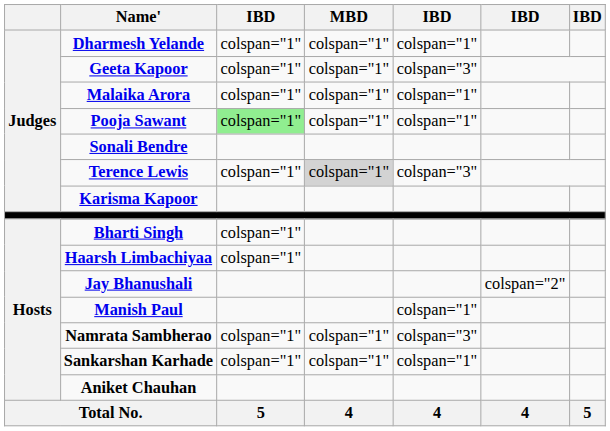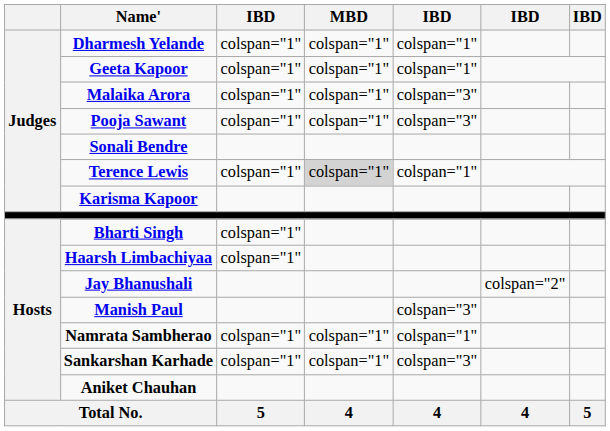 <table class="wikitable plainrowheaders" style="text-align:center">
 <tr>
 <th></th>
 <th>Name'</th>
 <th [[India's Best Dancer (Hindi season 1)><strong>IBD</strong> </th>
 <th [[Maharashtra's Best Dancer><strong>MBD </strong></th>
 <th [[India's Best Dancer (Hindi season 2)><strong>IBD</strong> </th>
 <th [[India's Best Dancer (Hindi season 3)><strong>IBD</strong> </th>
 <th [[India's Best Dancer (Hindi season 4)><strong>IBD</strong> </th>
 </tr>
 <tr>
 <th rowspan="7">Judges</th>
 <td><strong><a href='#'>Dharmesh Yelande</a></strong></td>
 <td>colspan="1" </td>
 <td>colspan="1" </td>
 <td>colspan="1" </td>
 <td></td>
 <td></td>
 </tr>
 <tr>
 <td><strong><a href='#'>Geeta Kapoor</a></strong></td>
 <td>colspan="1" </td>
 <td>colspan="1" </td>
-<td>colspan="3" </td>
+<td>colspan="1" </td>
 </tr>
 <tr>
 <td><strong><a href='#'>Malaika Arora</a></strong></td>
 <td>colspan="1" </td>
 <td>colspan="1" </td>
-<td>colspan="1" </td>
+<td>colspan="3" </td>
 <td></td>
 <td></td>
 </tr>
 <tr>
 <td><strong><a href='#'>Pooja Sawant</a></strong></td>
-<td style="background: lightgreen;">colspan="1" </td>
 <td>colspan="1" </td>
 <td>colspan="1" </td>
+<td>colspan="3" </td>
 <td></td>
 <td></td>
 </tr>
 <tr>
 <td><strong><a href='#'>Sonali Bendre</a></strong></td>
 <td></td>
 <td></td>
 <td></td>
 <td></td>
 <td></td>
 </tr>
 <tr>
 <td><strong><a href='#'>Terence Lewis</a></strong></td>
 <td>colspan="1" </td>
 <td style="background: lightgrey;">colspan="1" </td>
-<td>colspan="3" </td>
+<td>colspan="1" </td>
 </tr>
 <tr>
 <td><strong><a href='#'>Karisma Kapoor</a></strong></td>
 <td></td>
 <td></td>
 <td></td>
 <td></td>
 <td></td>
 </tr>
 <tr>
 <th colspan="7" style="background:#000;"></th>
 </tr>
 <tr>
 <th rowspan="7">Hosts</th>
 <td><strong><a href='#'>Bharti Singh</a></strong></td>
 <td>colspan="1" </td>
 <td></td>
 <td></td>
 <td></td>
 <td></td>
 </tr>
 <tr>
 <td><strong><a href='#'>Haarsh Limbachiyaa</a></strong></td>
 <td>colspan="1" </td>
 <td></td>
 <td></td>
 <td></td>
 <td></td>
 </tr>
 <tr>
 <td><strong><a href='#'>Jay Bhanushali</a></strong></td>
 <td></td>
 <td></td>
 <td></td>
 <td>colspan="2" </td>
 </tr>
 <tr>
 <td><strong><a href='#'>Manish Paul</a></strong></td>
 <td></td>
 <td></td>
-<td>colspan="1" </td>
+<td>colspan="3" </td>
 <td></td>
 <td></td>
 </tr>
 <tr>
 <td><strong>Namrata Sambherao</strong></td>
 <td>colspan="1" </td>
 <td>colspan="1" </td>
-<td>colspan="3" </td>
+<td>colspan="1" </td>
 <td></td>
 <td></td>
 </tr>
 <tr>
 <td><strong>Sankarshan Karhade</strong></td>
 <td>colspan="1" </td>
 <td>colspan="1" </td>
-<td>colspan="1" </td>
+<td>colspan="3" </td>
 <td></td>
 <td></td>
 </tr>
 <tr>
 <td><strong>Aniket Chauhan</strong></td>
 <td></td>
 <td></td>
 <td></td>
 <td></td>
 <td></td>
 </tr>
 <tr>
 <th colspan="2">Total No.</th>
 <th colspan="1">5</th>
 <th colspan="1">4</th>
 <th colspan="1">4</th>
 <th>4</th>
 <th>5</th>
 </tr>
 </table>
